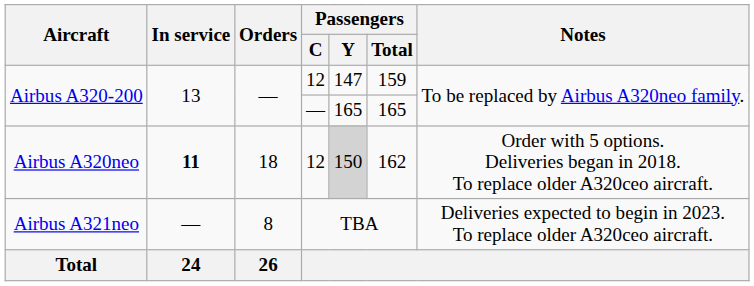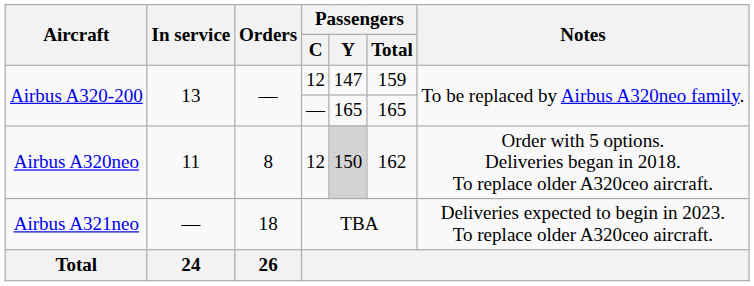 <table class="wikitable" style="border-collapse:collapse;text-align:center;margin:auto;">
 <tr>
 <th rowspan="2">Aircraft</th>
 <th rowspan="2">In service</th>
 <th rowspan="2">Orders</th>
 <th colspan="3">Passengers</th>
 <th rowspan="2">Notes</th>
 </tr>
 <tr>
 <th><abbr>C</abbr></th>
 <th><abbr>Y</abbr></th>
 <th>Total</th>
 </tr>
 <tr>
 <td rowspan="2"><a href='#'>Airbus A320-200</a></td>
 <td rowspan="2">13</td>
 <td rowspan="2">—</td>
 <td>12</td>
 <td>147</td>
 <td>159</td>
 <td rowspan="2">To be replaced by <a href='#'>Airbus A320neo family</a>.</td>
 </tr>
 <tr>
 <td>—</td>
 <td>165</td>
 <td>165</td>
 </tr>
 <tr>
 <td><a href='#'>Airbus A320neo</a></td>
-<td><strong>11</strong></td>
-<td>18</td>
+<td>11</td>
+<td>8</td>
 <td>12</td>
 <td style="background: lightgrey;">150</td>
 <td>162</td>
 <td>Order with 5 options.<br>Deliveries began in 2018.<br>To replace older A320ceo aircraft.</td>
 </tr>
 <tr>
 <td><a href='#'>Airbus A321neo</a></td>
 <td>—</td>
-<td>8</td>
+<td>18</td>
 <td colspan="3"><abbr>TBA</abbr></td>
 <td>Deliveries expected to begin in 2023.<br>To replace older A320ceo aircraft.</td>
 </tr>
 <tr>
 <th>Total</th>
 <th>24</th>
 <th>26</th>
 <th colspan="4"></th>
 </tr>
 </table>
